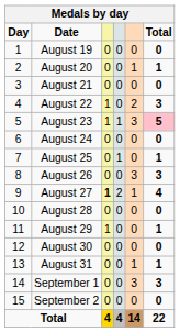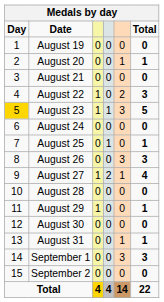 <table class=wikitable style="font-size:85%; float:right;text-align:center">
 <tr>
 <th colspan=7>Medals by day</th>
 </tr>
 <tr>
 <td><strong>Day</strong></td>
 <td><strong>Date</strong></td>
 <td bgcolor=F7F6A8></td>
 <td bgcolor=DCE5E5></td>
 <td bgcolor=FFDAB9></td>
 <td><strong>Total</strong></td>
 </tr>
 <tr>
 <td>1</td>
 <td>August 19</td>
 <td bgcolor=F7F6A8>0</td>
 <td bgcolor=DCE5E5>0</td>
 <td bgcolor=FFDAB9>0</td>
 <td><strong>0</strong></td>
 </tr>
 <tr>
 <td>2</td>
 <td>August 20</td>
 <td bgcolor=F7F6A8>0</td>
 <td bgcolor=DCE5E5>0</td>
 <td bgcolor=FFDAB9>1</td>
 <td><strong>1</strong></td>
 </tr>
 <tr>
 <td>3</td>
 <td>August 21</td>
 <td bgcolor=F7F6A8>0</td>
 <td bgcolor=DCE5E5>0</td>
 <td bgcolor=FFDAB9>0</td>
 <td><strong>0</strong></td>
 </tr>
 <tr>
 <td>4</td>
 <td>August 22</td>
 <td bgcolor=F7F6A8>1</td>
 <td bgcolor=DCE5E5>0</td>
 <td bgcolor=FFDAB9>2</td>
 <td><strong>3</strong></td>
 </tr>
 <tr>
-<td>5</td>
+<td style="background: gold;">5</td>
 <td>August 23</td>
 <td bgcolor=F7F6A8>1</td>
 <td bgcolor=DCE5E5>1</td>
 <td bgcolor=FFDAB9>3</td>
-<td style="background: pink;"><strong>5</strong></td>
+<td><strong>5</strong></td>
 </tr>
 <tr>
 <td>6</td>
 <td>August 24</td>
 <td bgcolor=F7F6A8>0</td>
 <td bgcolor=DCE5E5>0</td>
 <td bgcolor=FFDAB9>0</td>
 <td><strong>0</strong></td>
 </tr>
 <tr>
 <td>7</td>
 <td>August 25</td>
 <td bgcolor=F7F6A8>0</td>
 <td bgcolor=DCE5E5>1</td>
 <td bgcolor=FFDAB9>0</td>
 <td><strong>1</strong></td>
 </tr>
 <tr>
 <td>8</td>
 <td>August 26</td>
 <td bgcolor=F7F6A8>0</td>
 <td bgcolor=DCE5E5>0</td>
 <td bgcolor=FFDAB9>3</td>
 <td><strong>3</strong></td>
 </tr>
 <tr>
 <td>9</td>
 <td>August 27</td>
-<td bgcolor=F7F6A8><strong>1</strong></td>
+<td bgcolor=F7F6A8>1</td>
 <td bgcolor=DCE5E5>2</td>
 <td bgcolor=FFDAB9>1</td>
 <td><strong>4</strong></td>
 </tr>
 <tr>
 <td>10</td>
 <td>August 28</td>
 <td bgcolor=F7F6A8>0</td>
 <td bgcolor=DCE5E5>0</td>
 <td bgcolor=FFDAB9>0</td>
 <td><strong>0</strong></td>
 </tr>
 <tr>
 <td>11</td>
 <td>August 29</td>
 <td bgcolor=F7F6A8>1</td>
 <td bgcolor=DCE5E5>0</td>
 <td bgcolor=FFDAB9>0</td>
 <td><strong>1</strong></td>
 </tr>
 <tr>
 <td>12</td>
 <td>August 30</td>
 <td bgcolor=F7F6A8>0</td>
 <td bgcolor=DCE5E5>0</td>
 <td bgcolor=FFDAB9>0</td>
 <td><strong>0</strong></td>
 </tr>
 <tr>
 <td>13</td>
 <td>August 31</td>
 <td bgcolor=F7F6A8>0</td>
 <td bgcolor=DCE5E5>0</td>
 <td bgcolor=FFDAB9>1</td>
 <td><strong>1</strong></td>
 </tr>
 <tr>
 <td>14</td>
 <td>September 1</td>
 <td bgcolor=F7F6A8>0</td>
 <td bgcolor=DCE5E5>0</td>
 <td bgcolor=FFDAB9>3</td>
 <td><strong>3</strong></td>
 </tr>
 <tr>
 <td>15</td>
 <td>September 2</td>
 <td bgcolor=F7F6A8>0</td>
 <td bgcolor=DCE5E5>0</td>
 <td bgcolor=FFDAB9>0</td>
 <td><strong>0</strong></td>
 </tr>
 <tr>
 <td colspan=2><strong>Total</strong></td>
 <td style="background:gold;"><strong>4</strong></td>
 <td style="background:silver;"><strong>4</strong></td>
 <td style="background:#c96;"><strong>14</strong></td>
 <td><strong>22</strong></td>
 </tr>
 </table>
